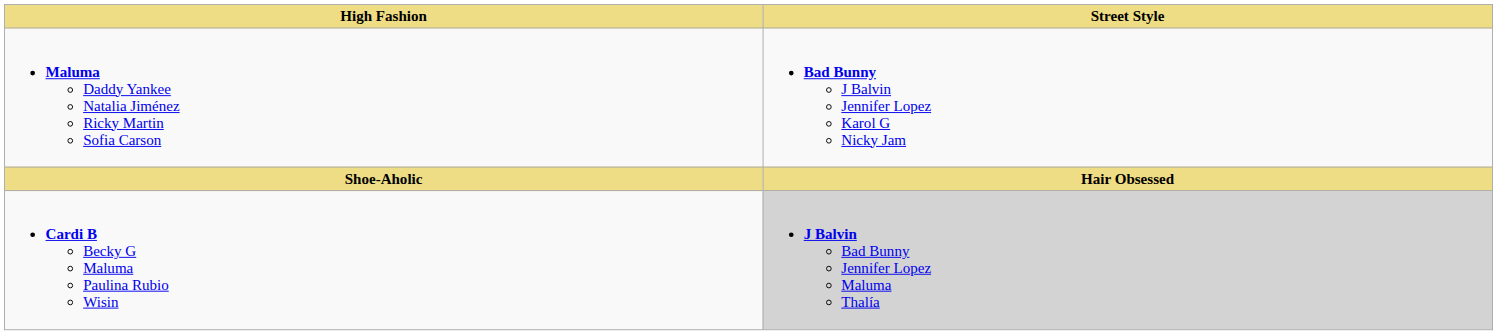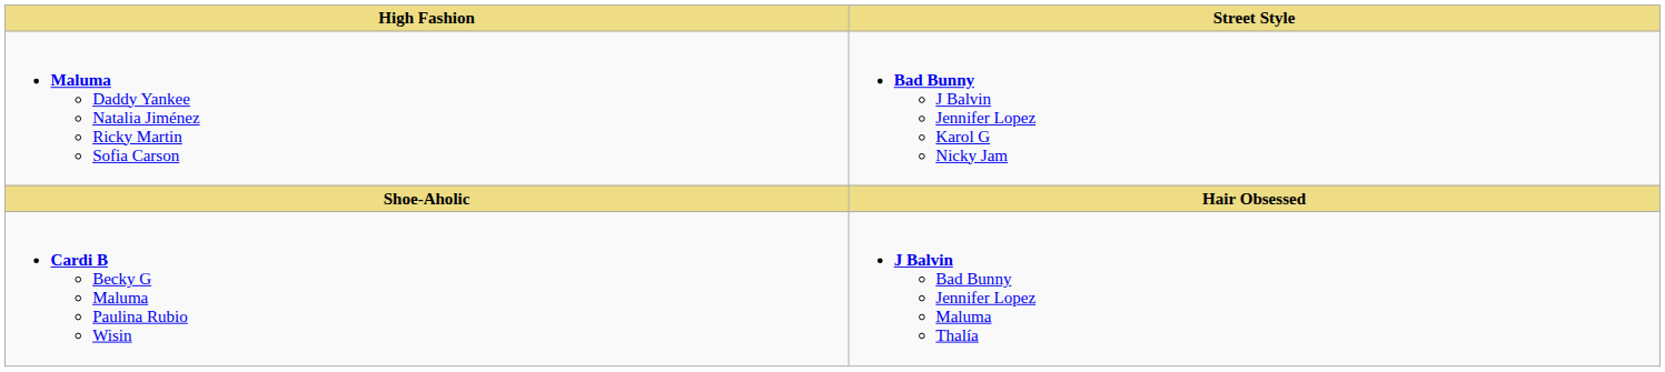 <table class="wikitable" style="width:100%;">
 <tr>
 <th style="background:#EEDD85; width=50%">High Fashion</th>
 <th style="background:#EEDD85; width=50%">Street Style</th>
 </tr>
 <tr>
 <td valign="top"><br><ul><li><strong><a href='#'>Maluma</a></strong><ul><li><a href='#'>Daddy Yankee</a></li><li><a href='#'>Natalia Jiménez</a></li><li><a href='#'>Ricky Martin</a></li><li><a href='#'>Sofia Carson</a></li></ul></li></ul></td>
 <td valign="top"><br><ul><li><strong><a href='#'>Bad Bunny</a></strong><ul><li><a href='#'>J Balvin</a></li><li><a href='#'>Jennifer Lopez</a></li><li><a href='#'>Karol G</a></li><li><a href='#'>Nicky Jam</a></li></ul></li></ul></td>
 </tr>
 <tr>
 <th style="background:#EEDD85; width=50%">Shoe-Aholic</th>
 <th style="background:#EEDD85; width=50%">Hair Obsessed</th>
 </tr>
 <tr>
 <td valign="top"><br><ul><li><strong><a href='#'>Cardi B</a></strong><ul><li><a href='#'>Becky G</a></li><li><a href='#'>Maluma</a></li><li><a href='#'>Paulina Rubio</a></li><li><a href='#'>Wisin</a></li></ul></li></ul></td>
-<td valign="top" style="background: lightgrey;"><br><ul><li><strong><a href='#'>J Balvin</a></strong><ul><li><a href='#'>Bad Bunny</a></li><li><a href='#'>Jennifer Lopez</a></li><li><a href='#'>Maluma</a></li><li><a href='#'>Thalía</a></li></ul></li></ul></td>
+<td valign="top"><br><ul><li><strong><a href='#'>J Balvin</a></strong><ul><li><a href='#'>Bad Bunny</a></li><li><a href='#'>Jennifer Lopez</a></li><li><a href='#'>Maluma</a></li><li><a href='#'>Thalía</a></li></ul></li></ul></td>
 </tr>
 </table>
